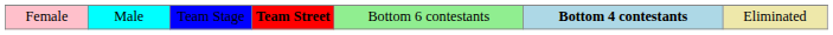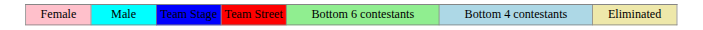 <table border="2" cellpadding="4" style="border: 1px solid gray; border-collapse: collapse; margin:1em auto; text-align:center;">
 <tr>
 </tr>
 <tr>
 <td style="background:pink; width:10%;">Female</td>
 <td style="background:cyan; width:10%;">Male</td>
 <td style="background:blue; width:10%;">Team Stage</td>
-<td style="background:red; width:10%;"><strong>Team Street</strong></td>
+<td style="background:red; width:10%;">Team Street</td>
 <td style="background:lightgreen;">Bottom 6 contestants</td>
-<td style="background:Lightblue;"><strong>Bottom 4 contestants</strong></td>
+<td style="background:Lightblue;">Bottom 4 contestants</td>
 <td style="background:Palegoldenrod;">Eliminated</td>
 </tr>
 </table>
